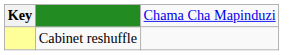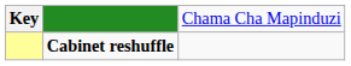 <table class=wikitable>
 <tr>
 <th>Key</th>
 <td style="background:#228B22"></td>
 <td><a href='#'>Chama Cha Mapinduzi</a></td>
 </tr>
 <tr>
 <td style="background:#FFFF99"></td>
-<td>Cabinet reshuffle</td>
+<td><strong>Cabinet reshuffle</strong></td>
 </tr>
 </table>
